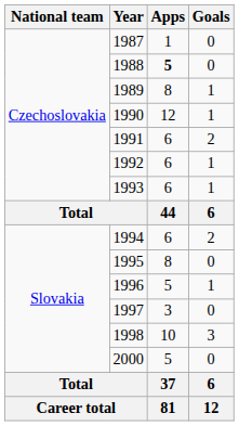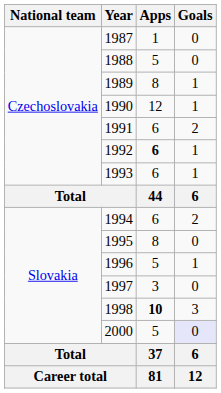 <table class="wikitable" style="text-align:center">
 <tr>
 <th>National team</th>
 <th>Year</th>
 <th>Apps</th>
 <th>Goals</th>
 </tr>
 <tr>
 <td rowspan="7"><a href='#'>Czechoslovakia</a></td>
 <td>1987</td>
 <td>1</td>
 <td>0</td>
 </tr>
 <tr>
 <td>1988</td>
-<td><strong>5</strong></td>
+<td>5</td>
 <td>0</td>
 </tr>
 <tr>
 <td>1989</td>
 <td>8</td>
 <td>1</td>
 </tr>
 <tr>
 <td>1990</td>
 <td>12</td>
 <td>1</td>
 </tr>
 <tr>
 <td>1991</td>
 <td>6</td>
 <td>2</td>
 </tr>
 <tr>
 <td>1992</td>
-<td>6</td>
+<td><strong>6</strong></td>
 <td>1</td>
 </tr>
 <tr>
 <td>1993</td>
 <td>6</td>
 <td>1</td>
 </tr>
 <tr>
 <th colspan="2">Total</th>
 <th>44</th>
 <th>6</th>
 </tr>
 <tr>
 <td rowspan="6"><a href='#'>Slovakia</a></td>
 <td>1994</td>
 <td>6</td>
 <td>2</td>
 </tr>
 <tr>
 <td>1995</td>
 <td>8</td>
 <td>0</td>
 </tr>
 <tr>
 <td>1996</td>
 <td>5</td>
 <td>1</td>
 </tr>
 <tr>
 <td>1997</td>
 <td>3</td>
 <td>0</td>
 </tr>
 <tr>
 <td>1998</td>
-<td>10</td>
+<td><strong>10</strong></td>
 <td>3</td>
 </tr>
 <tr>
 <td>2000</td>
 <td>5</td>
-<td>0</td>
+<td style="background: lavender;">0</td>
 </tr>
 <tr>
 <th colspan="2">Total</th>
 <th>37</th>
 <th>6</th>
 </tr>
 <tr>
 <th colspan="2">Career total</th>
 <th>81</th>
 <th>12</th>
 </tr>
 </table>
